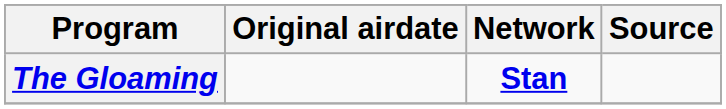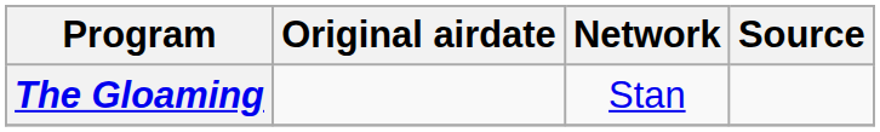 <table class="wikitable plainrowheaders sortable" style="text-align:center">
 <tr>
 <th scope="col">Program</th>
 <th scope="col">Original airdate</th>
 <th scope="col">Network</th>
 <th scope="col" class="unsortable">Source</th>
 </tr>
 <tr>
 <th scope="row"><em><a href='#'>The Gloaming</a></em></th>
 <td></td>
-<td><strong><a href='#'>Stan</a></strong></td>
+<td><a href='#'>Stan</a></td>
 <td></td>
 </tr>
 <tr>
 </tr>
 </table>
